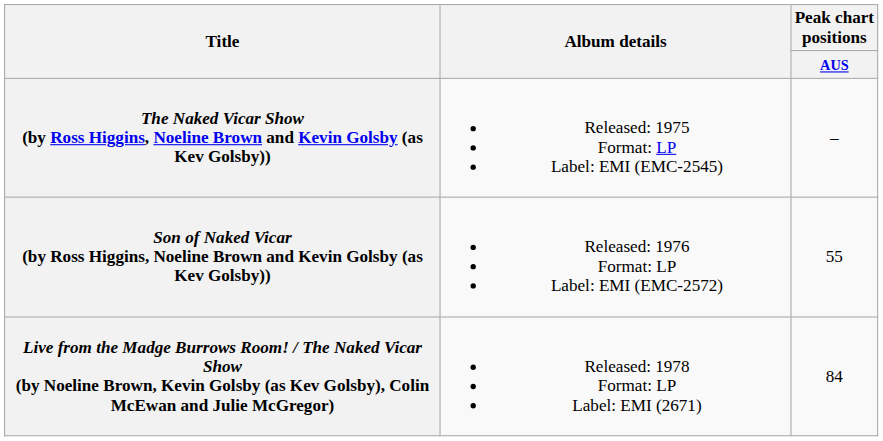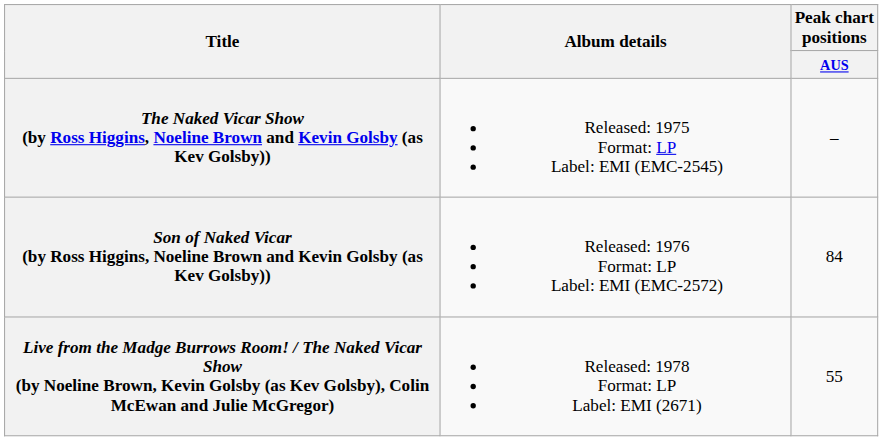 <table class="wikitable plainrowheaders" style="text-align:center;" border="1">
 <tr>
 <th scope="col" rowspan="2" style="width:25em;">Title</th>
 <th scope="col" rowspan="2" style="width:20em;">Album details</th>
 <th scope="col" colspan="1">Peak chart<br>positions</th>
 </tr>
 <tr>
 <th scope="col" style="text-align:center;"><small><a href='#'>AUS</a></small><br></th>
 </tr>
 <tr>
 <th scope="row"><em>The Naked Vicar Show</em> <br>(by <a href='#'>Ross Higgins</a>, <a href='#'>Noeline Brown</a> and <a href='#'>Kevin Golsby</a> (as Kev Golsby))</th>
 <td><br><ul><li>Released: 1975</li><li>Format: <a href='#'>LP</a></li><li>Label: EMI (EMC-2545)</li></ul></td>
 <td align="center">–</td>
 </tr>
 <tr>
 <th scope="row"><em>Son of Naked Vicar</em> <br>(by Ross Higgins, Noeline Brown and Kevin Golsby (as Kev Golsby))</th>
 <td><br><ul><li>Released: 1976</li><li>Format: LP</li><li>Label: EMI (EMC-2572)</li></ul></td>
-<td align="center">55</td>
+<td align="center">84</td>
 </tr>
 <tr>
 <th scope="row"><em>Live from the Madge Burrows Room! / The Naked Vicar Show</em><br>(by Noeline Brown, Kevin Golsby (as Kev Golsby), Colin McEwan and Julie McGregor)</th>
 <td><br><ul><li>Released: 1978</li><li>Format: LP</li><li>Label: EMI (2671)</li></ul></td>
-<td align="center">84</td>
+<td align="center">55</td>
 </tr>
 </table>
